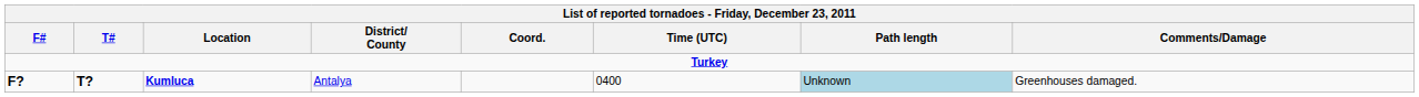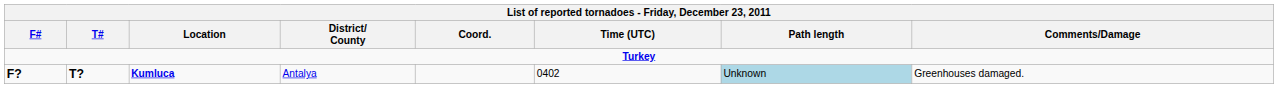 <table class="wikitable collapsible" width="100%">
 <tr>
 <th colspan="8">List of reported tornadoes - Friday, December 23, 2011</th>
 </tr>
 <tr>
 <th><a href='#'>F#</a></th>
 <th><a href='#'>T#</a></th>
 <th>Location</th>
 <th>District/<br>County</th>
 <th>Coord.</th>
 <th>Time (UTC)</th>
 <th>Path length</th>
 <th>Comments/Damage</th>
 </tr>
 <tr>
 <td colspan="8" align=center><strong><a href='#'>Turkey</a></strong></td>
 </tr>
 <tr>
 <td><big><strong>F?</strong></big></td>
 <td><big><strong>T?</strong></big></td>
 <td><strong><a href='#'>Kumluca</a></strong></td>
 <td><a href='#'>Antalya</a></td>
 <td></td>
-<td>0400</td>
+<td>0402</td>
 <td style="background: lightblue;">Unknown</td>
 <td>Greenhouses damaged.</td>
 </tr>
 </table>
